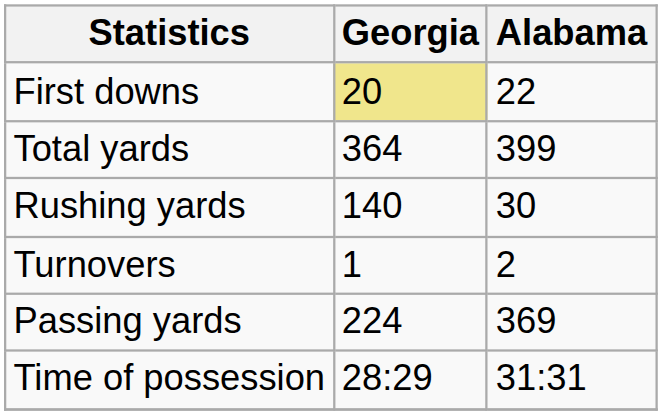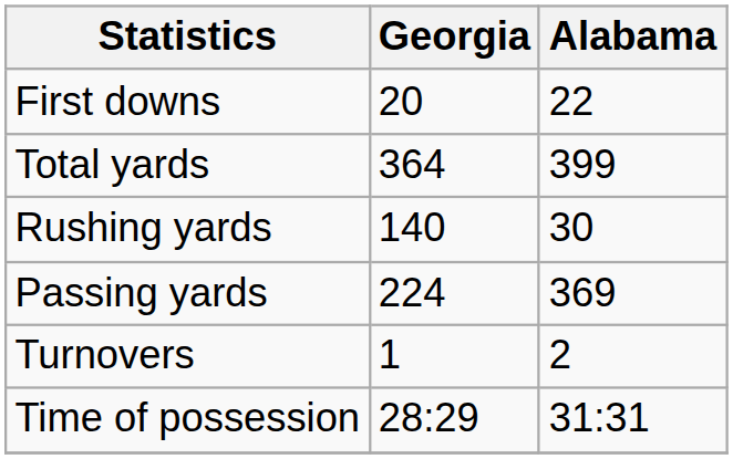 <table class="wikitable" style="float: left;">
 <tr>
 <th>Statistics</th>
 <th>Georgia</th>
 <th>Alabama</th>
 </tr>
 <tr>
 <td>First downs</td>
-<td style="background: khaki;">20</td>
+<td>20</td>
 <td>22</td>
 </tr>
 <tr>
 <td>Total yards</td>
 <td>364</td>
 <td>399</td>
 </tr>
 <tr>
 <td>Rushing yards</td>
 <td>140</td>
 <td>30</td>
 </tr>
 <tr>
+<td>Passing yards</td>
+<td>224</td>
+<td>369</td>
+</tr>
+<tr>
 <td>Turnovers</td>
 <td>1</td>
 <td>2</td>
-</tr>
-<tr>
-<td>Passing yards</td>
-<td>224</td>
-<td>369</td>
 </tr>
 <tr>
 <td>Time of possession</td>
 <td>28:29</td>
 <td>31:31</td>
 </tr>
 <tr>
 </tr>
 </table>
